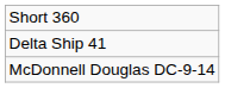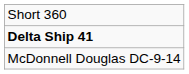 <table class="wikitable">
 <tr>
 <td>Short 360</td>
 </tr>
 <tr>
-<td>Delta Ship 41</td>
+<td><strong>Delta Ship 41</strong></td>
 </tr>
 <tr>
 <td>McDonnell Douglas DC-9-14</td>
 </tr>
 </table>
